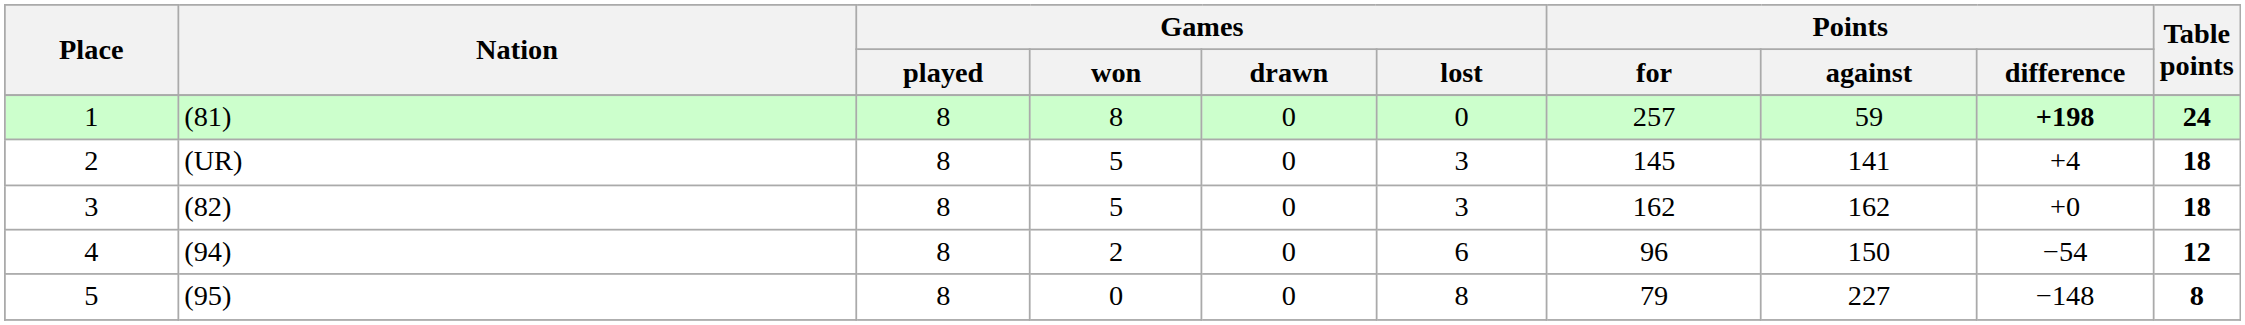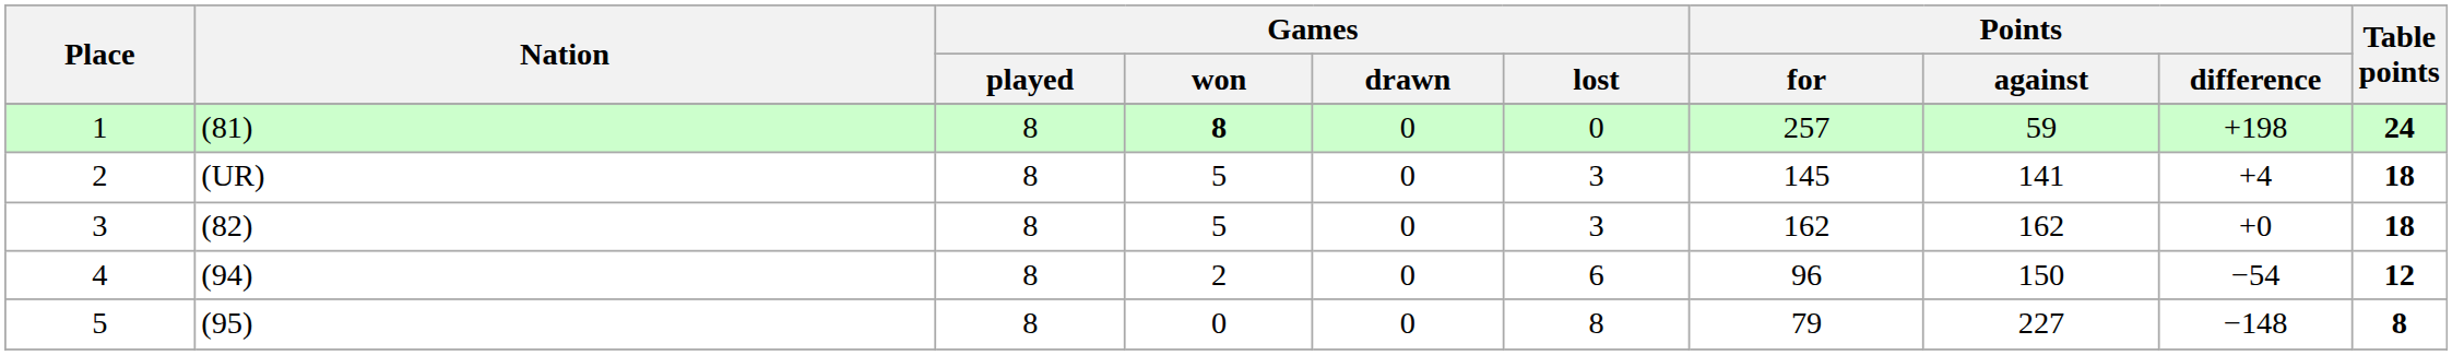 <table class="wikitable" width="100%">
 <tr>
 <th rowspan=2 width="8%">Place</th>
 <th rowspan=2 width="32%">Nation</th>
 <th colspan=4 width="20%">Games</th>
 <th colspan=3 width="30%">Points</th>
 <th rowspan=2 width="10%">Table<br>points</th>
 </tr>
 <tr>
 <th width="8%">played</th>
 <th width="8%">won</th>
 <th width="8%">drawn</th>
 <th width="8%">lost</th>
 <th width="10%">for</th>
 <th width="10%">against</th>
 <th width="10%">difference</th>
 </tr>
 <tr>
 </tr>
 <tr bgcolor=#ccffcc align=center>
 <td>1</td>
 <td align=left> (81)</td>
 <td>8</td>
-<td>8</td>
+<td><strong>8</strong></td>
 <td>0</td>
 <td>0</td>
 <td>257</td>
 <td>59</td>
-<td><strong>+198</strong></td>
+<td>+198</td>
 <td><strong>24</strong></td>
 </tr>
 <tr bgcolor=#ffffff align=center>
 <td>2</td>
 <td align=left> (UR)</td>
 <td>8</td>
 <td>5</td>
 <td>0</td>
 <td>3</td>
 <td>145</td>
 <td>141</td>
 <td>+4</td>
 <td><strong>18</strong></td>
 </tr>
 <tr bgcolor=#ffffff align=center>
 <td>3</td>
 <td align=left> (82)</td>
 <td>8</td>
 <td>5</td>
 <td>0</td>
 <td>3</td>
 <td>162</td>
 <td>162</td>
 <td>+0</td>
 <td><strong>18</strong></td>
 </tr>
 <tr bgcolor=#ffffff align=center>
 <td>4</td>
 <td align=left> (94)</td>
 <td>8</td>
 <td>2</td>
 <td>0</td>
 <td>6</td>
 <td>96</td>
 <td>150</td>
 <td>−54</td>
 <td><strong>12</strong></td>
 </tr>
 <tr bgcolor=#ffffff align=center>
 <td>5</td>
 <td align=left> (95)</td>
 <td>8</td>
 <td>0</td>
 <td>0</td>
 <td>8</td>
 <td>79</td>
 <td>227</td>
 <td>−148</td>
 <td><strong>8</strong></td>
 </tr>
 </table>
